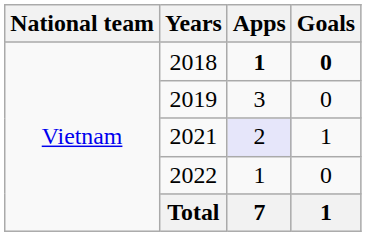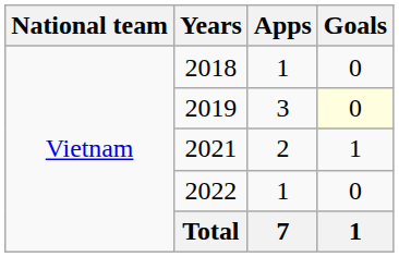 <table class="wikitable" style="text-align:center">
 <tr>
 <th><strong>National team</strong></th>
 <th>Years</th>
 <th>Apps</th>
 <th>Goals</th>
 </tr>
 <tr>
 <td rowspan="5"><a href='#'>Vietnam</a></td>
 <td>2018</td>
-<td><strong>1</strong></td>
-<td><strong>0</strong></td>
+<td>1</td>
+<td>0</td>
 </tr>
 <tr>
 <td>2019</td>
 <td>3</td>
-<td>0</td>
+<td style="background: lightyellow;">0</td>
 </tr>
 <tr>
 <td>2021</td>
-<td style="background: lavender;">2</td>
+<td>2</td>
 <td>1</td>
 </tr>
 <tr>
 <td>2022</td>
 <td>1</td>
 <td>0</td>
 </tr>
 <tr>
 <th>Total</th>
 <th>7</th>
 <th>1</th>
 </tr>
 </table>
